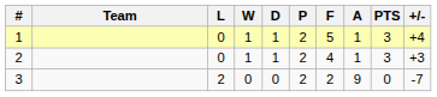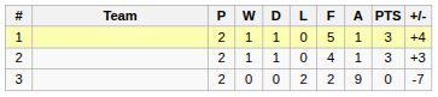 <table class="wikitable" border="1">
 <tr>
 <th width="25">#</th>
 <th width="200">Team</th>
-<th width="25">L</th>
+<th width="25">P</th>
 <th width="25">W</th>
 <th width="25">D</th>
-<th width="25">P</th>
+<th width="25">L</th>
 <th width="25">F</th>
 <th width="25">A</th>
 <th width="25">PTS</th>
 <th width="25">+/-</th>
 </tr>
 <tr bgcolor="FCFFB2">
 <td align="center">1</td>
 <td></td>
-<td align="center">0</td>
+<td align="center">2</td>
 <td align="center">1</td>
 <td align="center">1</td>
-<td align="center">2</td>
+<td align="center">0</td>
 <td align="center">5</td>
 <td align="center">1</td>
 <td align="center">3</td>
 <td align="center">+4</td>
 </tr>
 <tr>
 <td align="center">2</td>
 <td></td>
-<td align="center">0</td>
+<td align="center">2</td>
 <td align="center">1</td>
 <td align="center">1</td>
-<td align="center">2</td>
+<td align="center">0</td>
 <td align="center">4</td>
 <td align="center">1</td>
 <td align="center">3</td>
 <td align="center">+3</td>
 </tr>
 <tr>
 <td align="center">3</td>
 <td></td>
 <td align="center">2</td>
 <td align="center">0</td>
 <td align="center">0</td>
 <td align="center">2</td>
 <td align="center">2</td>
 <td align="center">9</td>
 <td align="center">0</td>
 <td align="center">-7</td>
 </tr>
 </table>
